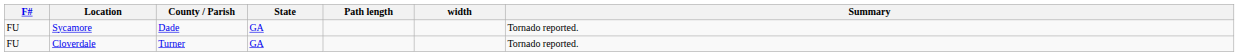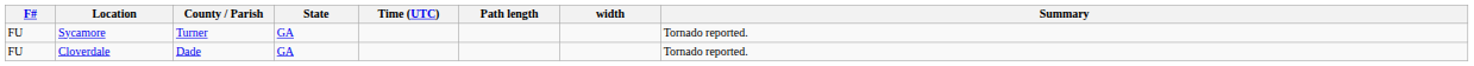 <table class="wikitable sortable" style="width:100%;">
 <tr>
 <th scope="col"  style="width:3%; text-align:center;"><a href='#'>F#</a></th>
 <th scope="col"  style="width:7%; text-align:center;" class="unsortable">Location</th>
 <th scope="col"  style="width:6%; text-align:center;" class="unsortable">County / Parish</th>
 <th scope="col"  style="width:5%; text-align:center;">State</th>
+<th scope="col"  style="width:6%; text-align:center;">Time (<a href='#'>UTC</a>)</th>
 <th scope="col"  style="width:6%; text-align:center;">Path length</th>
 <th scope="col"  style="width:6%; text-align:center;"> width</th>
 <th scope="col" class="unsortable" style="width:48%; text-align:center;">Summary</th>
 </tr>
 <tr>
 <td>FU</td>
 <td><a href='#'>Sycamore</a></td>
-<td><a href='#'>Dade</a></td>
+<td><a href='#'>Turner</a></td>
 <td><a href='#'>GA</a></td>
+<td></td>
 <td></td>
 <td></td>
 <td>Tornado reported.</td>
 </tr>
 <tr>
 <td>FU</td>
 <td><a href='#'>Cloverdale</a></td>
-<td><a href='#'>Turner</a></td>
+<td><a href='#'>Dade</a></td>
 <td><a href='#'>GA</a></td>
+<td></td>
 <td></td>
 <td></td>
 <td>Tornado reported.</td>
 </tr>
 </table>
